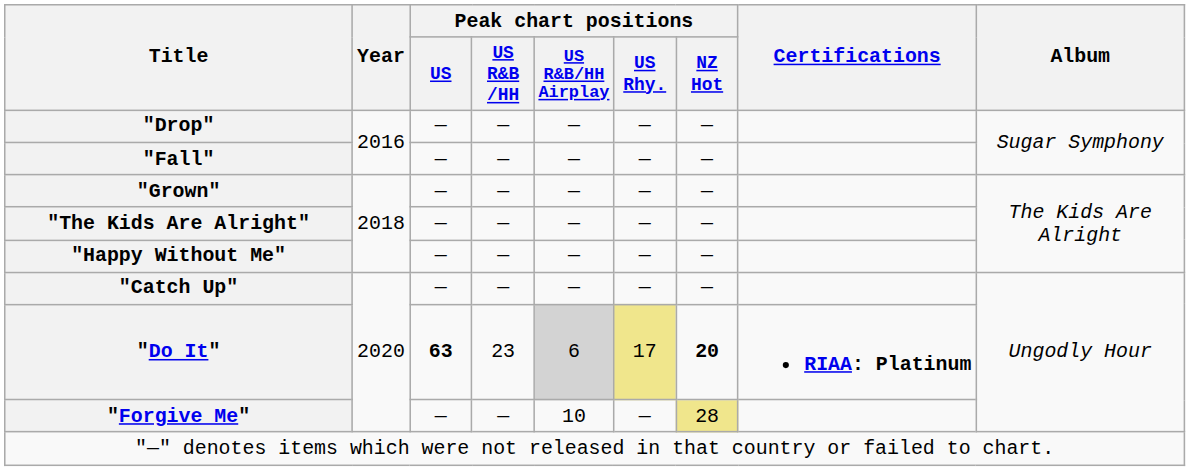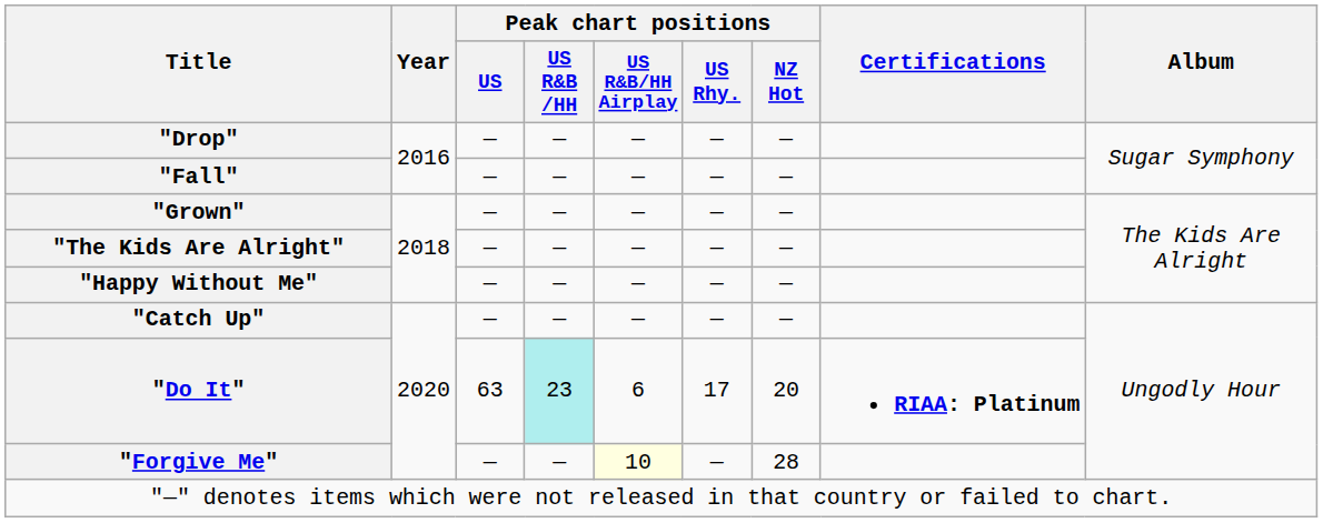 <table class="wikitable plainrowheaders" style="text-align:center;">
 <tr>
 <th scope="col" rowspan="2" style="width:17em;">Title</th>
 <th scope="col" rowspan="2" style="width:1em;">Year</th>
 <th scope="col" colspan="5">Peak chart positions</th>
 <th rowspan="2"><a href='#'>Certifications</a></th>
 <th scope="col" rowspan="2" style="width:10em;">Album</th>
 </tr>
 <tr>
 <th scope="col" style="width:3em;font-size:90%;"><a href='#'>US</a><br></th>
 <th scope="col" style="width:3em;font-size:90%;"><a href='#'>US<br>R&B<br>/HH</a><br></th>
 <th scope="col" style="width:2em;font-size:85%;"><a href='#'>US<br>R&B/HH<br>Airplay</a><br></th>
 <th scope="col" style="width:3em;font-size:90%;"><a href='#'>US<br>Rhy.</a><br></th>
 <th scope="col" style="width:3em;font-size:90%;"><a href='#'>NZ<br>Hot</a><br></th>
 </tr>
 <tr>
 <th scope="row">"Drop"</th>
 <td rowspan="2">2016</td>
 <td>—</td>
 <td>—</td>
 <td>—</td>
 <td>—</td>
 <td>—</td>
 <td></td>
 <td rowspan="2"><em>Sugar Symphony</em></td>
 </tr>
 <tr>
 <th scope="row">"Fall"</th>
 <td>—</td>
 <td>—</td>
 <td>—</td>
 <td>—</td>
 <td>—</td>
 <td></td>
 </tr>
 <tr>
 <th scope="row">"Grown" </th>
 <td rowspan="3">2018</td>
 <td>—</td>
 <td>—</td>
 <td>—</td>
 <td>—</td>
 <td>—</td>
 <td></td>
 <td rowspan="3"><em>The Kids Are Alright</em></td>
 </tr>
 <tr>
 <th scope="row">"The Kids Are Alright"</th>
 <td>—</td>
 <td>—</td>
 <td>—</td>
 <td>—</td>
 <td>—</td>
 <td></td>
 </tr>
 <tr>
 <th scope="row">"Happy Without Me"<br></th>
 <td>—</td>
 <td>—</td>
 <td>—</td>
 <td>—</td>
 <td>—</td>
 <td></td>
 </tr>
 <tr>
 <th scope="row">"Catch Up"<br></th>
 <td rowspan="3">2020</td>
 <td>—</td>
 <td>—</td>
 <td>—</td>
 <td>—</td>
 <td>—</td>
 <td></td>
 <td rowspan="3"><em>Ungodly Hour</em></td>
 </tr>
 <tr>
 <th scope="row">"<a href='#'>Do It</a>"<br></th>
-<td><strong>63</strong></td>
-<td>23</td>
-<td style="background: lightgrey;">6</td>
-<td style="background: khaki;">17</td>
-<td><strong>20</strong></td>
+<td>63</td>
+<td style="background: paleturquoise;">23</td>
+<td>6</td>
+<td>17</td>
+<td>20</td>
 <td><strong><br><ul><li><a href='#'>RIAA</a>: Platinum</li></ul></strong></td>
 </tr>
 <tr>
 <th scope="row">"<a href='#'>Forgive Me</a>"</th>
 <td>—</td>
 <td>—</td>
-<td>10</td>
+<td style="background: lightyellow;">10</td>
 <td>—</td>
-<td style="background: khaki;">28</td>
+<td>28</td>
 <td></td>
 </tr>
 <tr>
 <td colspan="14">"—" denotes items which were not released in that country or failed to chart.</td>
 </tr>
 </table>
